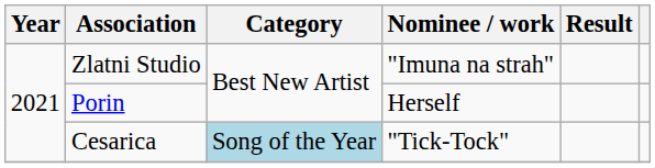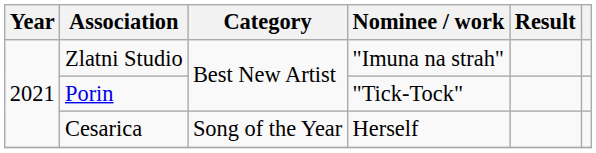 <table class="wikitable sortable">
 <tr>
 <th>Year</th>
 <th>Association</th>
 <th>Category</th>
 <th>Nominee / work</th>
 <th>Result</th>
 <th class="unsortable"></th>
 </tr>
 <tr>
 <td rowspan="3">2021</td>
 <td>Zlatni Studio</td>
 <td rowspan="2">Best New Artist</td>
 <td>"Imuna na strah"</td>
 <td></td>
 <td></td>
 </tr>
 <tr>
 <td rowspan="1"><a href='#'>Porin</a></td>
-<td>Herself</td>
+<td>"Tick-Tock"</td>
 <td></td>
 <td></td>
 </tr>
 <tr>
 <td rowspan="1">Cesarica</td>
-<td style="background: lightblue;">Song of the Year</td>
-<td>"Tick-Tock"</td>
+<td>Song of the Year</td>
+<td>Herself</td>
 <td></td>
 <td></td>
 </tr>
 <tr>
 </tr>
 </table>
